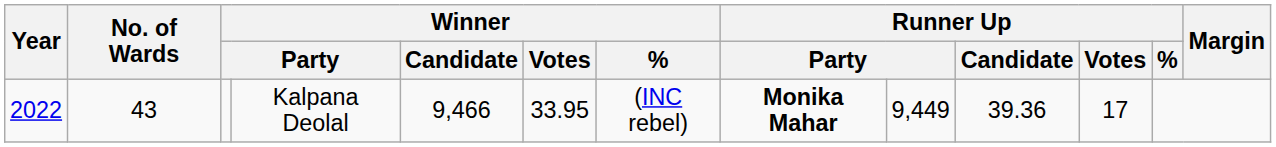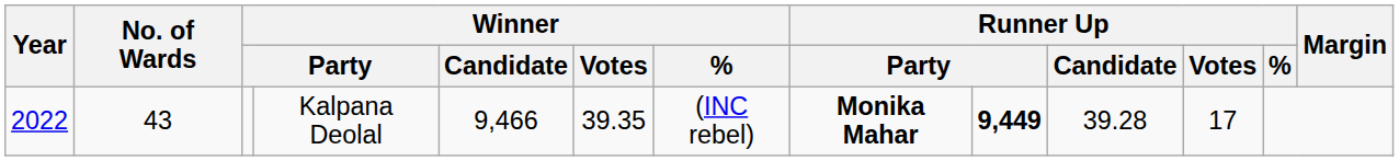 <table class="wikitable sortable" style="text-align:center;">
 <tr>
 <th rowspan="2">Year</th>
 <th rowspan="2">No. of Wards</th>
 <th colspan="5">Winner</th>
 <th colspan="5">Runner Up</th>
 <th rowspan="2">Margin</th>
 </tr>
 <tr>
 <th colspan="2">Party</th>
 <th>Candidate</th>
 <th>Votes</th>
 <th>%</th>
 <th colspan="2">Party</th>
 <th>Candidate</th>
 <th>Votes</th>
 <th>%</th>
 </tr>
 <tr>
 <td><a href='#'>2022</a></td>
 <td>43</td>
 <td></td>
 <td>Kalpana Deolal</td>
 <td>9,466</td>
-<td>33.95</td>
+<td>39.35</td>
 <td> (<a href='#'>INC</a> rebel)</td>
 <td><strong>Monika Mahar</strong></td>
-<td>9,449</td>
-<td>39.36</td>
+<td><strong>9,449</strong></td>
+<td>39.28</td>
 <td style="background:">17</td>
 </tr>
 </table>
